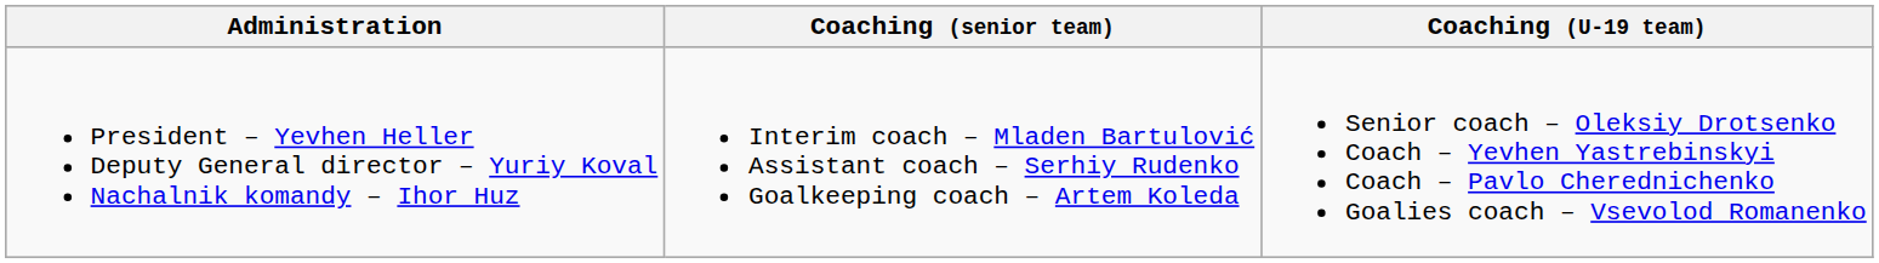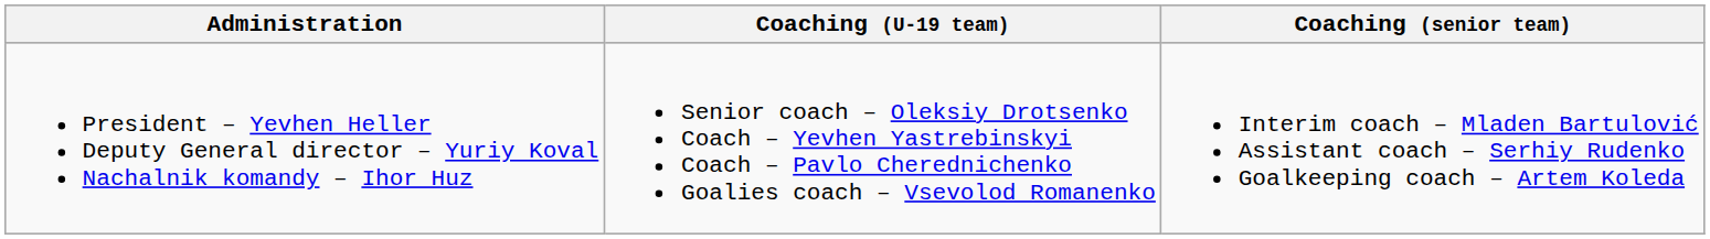 <table class="wikitable">
 <tr>
 <th>Administration</th>
+<th>Coaching <small>(U-19 team)</small></th>
 <th>Coaching <small>(senior team)</small></th>
-<th>Coaching <small>(U-19 team)</small></th>
 </tr>
 <tr>
 <td><br><ul><li>President – <a href='#'>Yevhen Heller</a></li><li>Deputy General director – <a href='#'>Yuriy Koval</a></li><li><a href='#'>Nachalnik komandy</a> – <a href='#'>Ihor Huz</a></li></ul></td>
+<td><br><ul><li>Senior coach –  <a href='#'>Oleksiy Drotsenko</a></li><li>Coach –  <a href='#'>Yevhen Yastrebinskyi</a></li><li>Coach –  <a href='#'>Pavlo Cherednichenko</a></li><li>Goalies coach –  <a href='#'>Vsevolod Romanenko</a></li></ul></td>
 <td><br><ul><li>Interim coach –  <a href='#'>Mladen Bartulović</a></li><li>Assistant coach –  <a href='#'>Serhiy Rudenko</a></li><li>Goalkeeping coach –  <a href='#'>Artem Koleda</a></li></ul></td>
-<td><br><ul><li>Senior coach –  <a href='#'>Oleksiy Drotsenko</a></li><li>Coach –  <a href='#'>Yevhen Yastrebinskyi</a></li><li>Coach –  <a href='#'>Pavlo Cherednichenko</a></li><li>Goalies coach –  <a href='#'>Vsevolod Romanenko</a></li></ul></td>
 </tr>
 </table>
